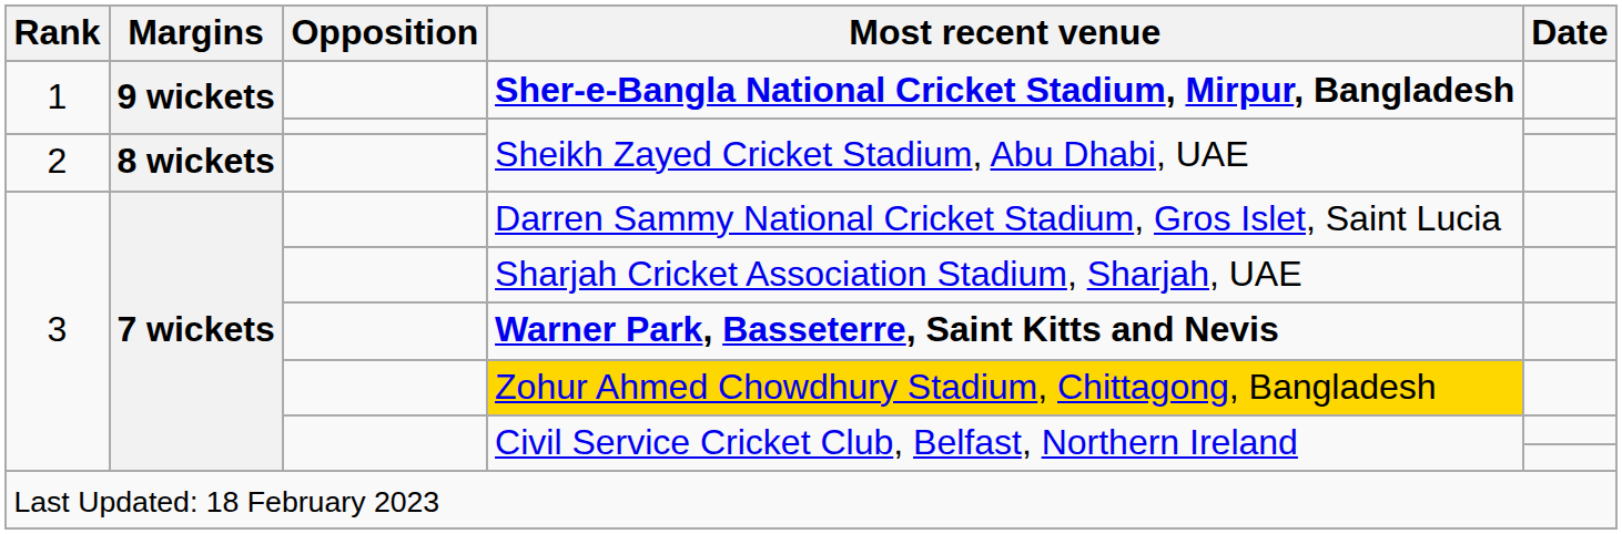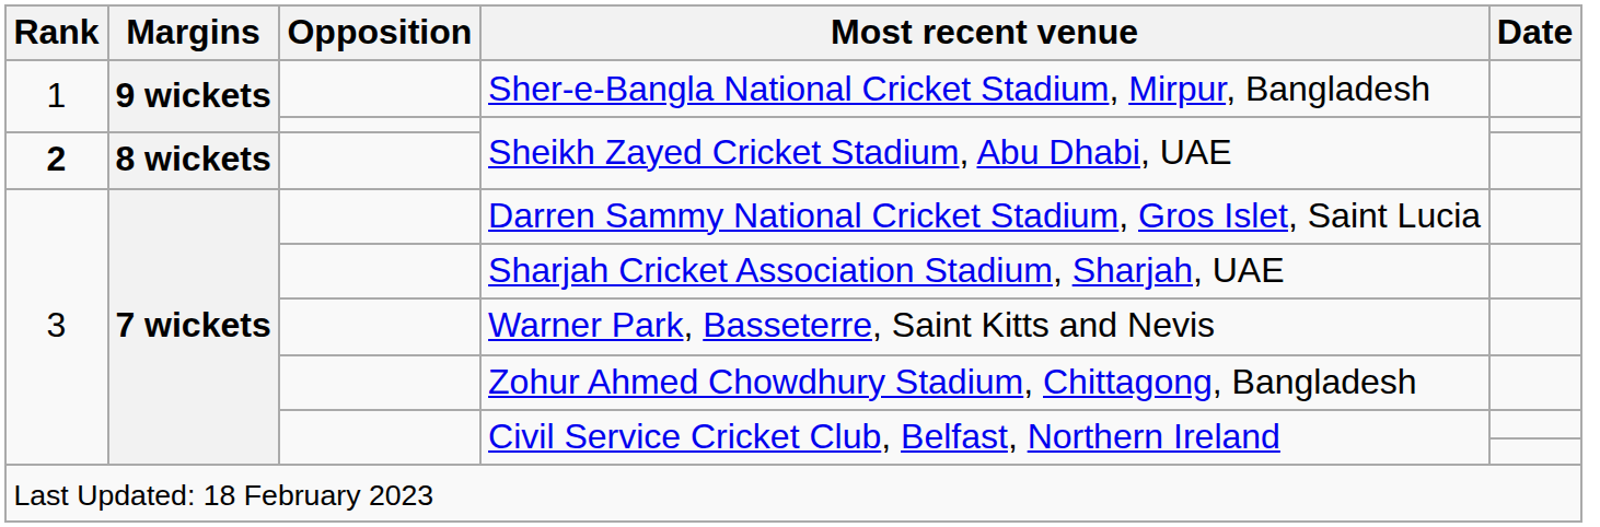 <table class="wikitable plainrowheaders sortable">
 <tr>
 <th scope=col>Rank</th>
 <th scope=col>Margins</th>
 <th scope=col>Opposition</th>
 <th scope=col>Most recent venue</th>
 <th scope=col>Date</th>
 </tr>
 <tr>
 <td rowspan="2" align="center">1</td>
 <th rowspan="2" scope="row" style="text-align:center">9 wickets</th>
 <td></td>
-<td><strong><a href='#'>Sher-e-Bangla National Cricket Stadium</a>, <a href='#'>Mirpur</a>, Bangladesh</strong></td>
+<td><a href='#'>Sher-e-Bangla National Cricket Stadium</a>, <a href='#'>Mirpur</a>, Bangladesh</td>
 <td> </td>
 </tr>
 <tr>
 <td></td>
 <td rowspan=2><a href='#'>Sheikh Zayed Cricket Stadium</a>, <a href='#'>Abu Dhabi</a>, UAE</td>
 <td></td>
 </tr>
 <tr>
-<td align=center>2</td>
+<td align=center><strong>2</strong></td>
 <th scope=row style=text-align:center>8 wickets</th>
 <td></td>
 <td> </td>
 </tr>
 <tr>
 <td rowspan="6" align="center">3</td>
 <th rowspan="6" scope="row" style="text-align:center">7 wickets</th>
 <td></td>
 <td><a href='#'>Darren Sammy National Cricket Stadium</a>, <a href='#'>Gros Islet</a>, Saint Lucia</td>
 <td> </td>
 </tr>
 <tr>
 <td></td>
 <td><a href='#'>Sharjah Cricket Association Stadium</a>, <a href='#'>Sharjah</a>, UAE</td>
 <td></td>
 </tr>
 <tr>
 <td></td>
-<td><strong><a href='#'>Warner Park</a>, <a href='#'>Basseterre</a>, Saint Kitts and Nevis</strong></td>
+<td><a href='#'>Warner Park</a>, <a href='#'>Basseterre</a>, Saint Kitts and Nevis</td>
 <td></td>
 </tr>
 <tr>
 <td></td>
-<td style="background: gold;"><a href='#'>Zohur Ahmed Chowdhury Stadium</a>, <a href='#'>Chittagong</a>, Bangladesh</td>
+<td><a href='#'>Zohur Ahmed Chowdhury Stadium</a>, <a href='#'>Chittagong</a>, Bangladesh</td>
 <td></td>
 </tr>
 <tr>
 <td rowspan=2></td>
 <td rowspan="2"><a href='#'>Civil Service Cricket Club</a>, <a href='#'>Belfast</a>, <a href='#'>Northern Ireland</a></td>
 <td></td>
 </tr>
 <tr>
 <td></td>
 </tr>
 <tr>
 </tr>
 <tr class=sortbottom>
 <td colspan=5><small>Last Updated: 18 February 2023</small></td>
 </tr>
 </table>
